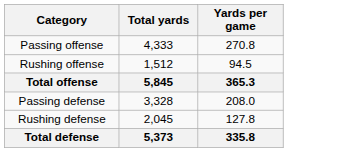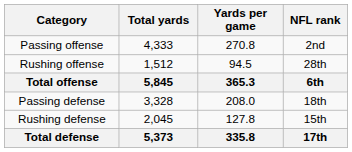 <table class="wikitable" style="text-align:center">
 <tr>
 <th width=150px>Category</th>
 <th width=100px>Total yards</th>
 <th width=110px>Yards per game</th>
+<th width=80px>NFL rank<br></th>
 </tr>
 <tr>
 <td>Passing offense</td>
 <td>4,333</td>
 <td>270.8</td>
+<td>2nd</td>
 </tr>
 <tr>
 <td>Rushing offense</td>
 <td>1,512</td>
 <td>94.5</td>
+<td>28th</td>
 </tr>
 <tr>
 <th>Total offense</th>
 <th>5,845</th>
 <th>365.3</th>
+<th>6th</th>
 </tr>
 <tr>
 <td>Passing defense</td>
 <td>3,328</td>
 <td>208.0</td>
+<td>18th</td>
 </tr>
 <tr>
 <td>Rushing defense</td>
 <td>2,045</td>
 <td>127.8</td>
+<td>15th</td>
 </tr>
 <tr>
 <th>Total defense</th>
 <th>5,373</th>
 <th>335.8</th>
+<th>17th</th>
 </tr>
 </table>
